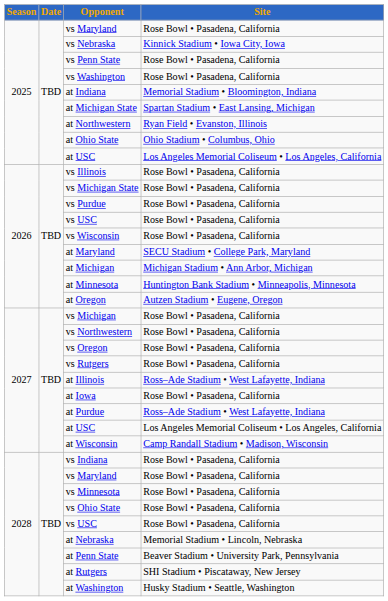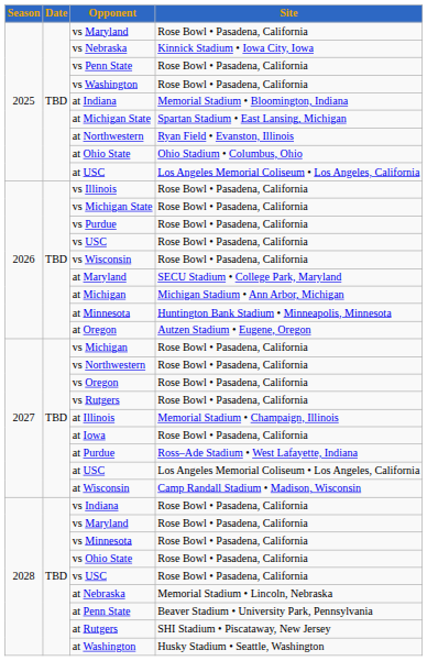 <table class="wikitable sortable">
 <tr>
 <th style="background:#2D68C4; color:#F2A900;">Season</th>
 <th style="background:#2D68C4; color:#F2A900;">Date</th>
 <th style="background:#2D68C4; color:#F2A900;">Opponent</th>
 <th style="background:#2D68C4; color:#F2A900;">Site</th>
 </tr>
 <tr>
 <td rowspan="9" style="text-align:center;">2025</td>
 <td rowspan="9">TBD</td>
 <td>vs <a href='#'>Maryland</a></td>
 <td>Rose Bowl • Pasadena, California</td>
 </tr>
 <tr>
 <td>vs <a href='#'>Nebraska</a></td>
 <td><a href='#'>Kinnick Stadium</a> • <a href='#'>Iowa City, Iowa</a></td>
 </tr>
 <tr>
 <td>vs <a href='#'>Penn State</a></td>
 <td>Rose Bowl • Pasadena, California</td>
 </tr>
 <tr>
 <td>vs <a href='#'>Washington</a></td>
 <td>Rose Bowl • Pasadena, California</td>
 </tr>
 <tr>
 <td>at <a href='#'>Indiana</a></td>
 <td><a href='#'>Memorial Stadium</a> • <a href='#'>Bloomington, Indiana</a></td>
 </tr>
 <tr>
 <td>at <a href='#'>Michigan State</a></td>
 <td><a href='#'>Spartan Stadium</a> • <a href='#'>East Lansing, Michigan</a></td>
 </tr>
 <tr>
 <td>at <a href='#'>Northwestern</a></td>
 <td><a href='#'>Ryan Field</a> • <a href='#'>Evanston, Illinois</a></td>
 </tr>
 <tr>
 <td>at <a href='#'>Ohio State</a></td>
 <td><a href='#'>Ohio Stadium</a> • <a href='#'>Columbus, Ohio</a></td>
 </tr>
 <tr>
 <td>at <a href='#'>USC</a></td>
 <td><a href='#'>Los Angeles Memorial Coliseum</a> • <a href='#'>Los Angeles, California</a></td>
 </tr>
 <tr>
 <td rowspan="9" style="text-align:center;">2026</td>
 <td rowspan="9">TBD</td>
 <td>vs <a href='#'>Illinois</a></td>
 <td>Rose Bowl • Pasadena, California</td>
 </tr>
 <tr>
 <td>vs <a href='#'>Michigan State</a></td>
 <td>Rose Bowl • Pasadena, California</td>
 </tr>
 <tr>
 <td>vs <a href='#'>Purdue</a></td>
 <td>Rose Bowl • Pasadena, California</td>
 </tr>
 <tr>
 <td>vs <a href='#'>USC</a></td>
 <td>Rose Bowl • Pasadena, California</td>
 </tr>
 <tr>
 <td>vs <a href='#'>Wisconsin</a></td>
 <td>Rose Bowl • Pasadena, California</td>
 </tr>
 <tr>
 <td>at <a href='#'>Maryland</a></td>
 <td><a href='#'>SECU Stadium</a> • <a href='#'>College Park, Maryland</a></td>
 </tr>
 <tr>
 <td>at <a href='#'>Michigan</a></td>
 <td><a href='#'>Michigan Stadium</a> • <a href='#'>Ann Arbor, Michigan</a></td>
 </tr>
 <tr>
 <td>at <a href='#'>Minnesota</a></td>
 <td><a href='#'>Huntington Bank Stadium</a> • <a href='#'>Minneapolis, Minnesota</a></td>
 </tr>
 <tr>
 <td>at <a href='#'>Oregon</a></td>
 <td><a href='#'>Autzen Stadium</a> • <a href='#'>Eugene, Oregon</a></td>
 </tr>
 <tr>
 <td rowspan="9" style="text-align:center;">2027</td>
 <td rowspan="9">TBD</td>
 <td>vs <a href='#'>Michigan</a></td>
 <td>Rose Bowl • Pasadena, California</td>
 </tr>
 <tr>
 <td>vs <a href='#'>Northwestern</a></td>
 <td>Rose Bowl • Pasadena, California</td>
 </tr>
 <tr>
 <td>vs <a href='#'>Oregon</a></td>
 <td>Rose Bowl • Pasadena, California</td>
 </tr>
 <tr>
 <td>vs <a href='#'>Rutgers</a></td>
 <td>Rose Bowl • Pasadena, California</td>
 </tr>
 <tr>
 <td>at <a href='#'>Illinois</a></td>
-<td><a href='#'>Ross–Ade Stadium</a> • <a href='#'>West Lafayette, Indiana</a></td>
+<td><a href='#'>Memorial Stadium</a> • <a href='#'>Champaign, Illinois</a></td>
 </tr>
 <tr>
 <td>at <a href='#'>Iowa</a></td>
 <td>Rose Bowl • Pasadena, California</td>
 </tr>
 <tr>
 <td>at <a href='#'>Purdue</a></td>
 <td><a href='#'>Ross–Ade Stadium</a> • <a href='#'>West Lafayette, Indiana</a></td>
 </tr>
 <tr>
 <td>at <a href='#'>USC</a></td>
 <td>Los Angeles Memorial Coliseum • Los Angeles, California</td>
 </tr>
 <tr>
 <td>at <a href='#'>Wisconsin</a></td>
 <td><a href='#'>Camp Randall Stadium</a> • <a href='#'>Madison, Wisconsin</a></td>
 </tr>
 <tr>
 <td rowspan="9" style="text-align:center;">2028</td>
 <td rowspan="9">TBD</td>
 <td>vs <a href='#'>Indiana</a></td>
 <td>Rose Bowl • Pasadena, California</td>
 </tr>
 <tr>
 <td>vs <a href='#'>Maryland</a></td>
 <td>Rose Bowl • Pasadena, California</td>
 </tr>
 <tr>
 <td>vs <a href='#'>Minnesota</a></td>
 <td>Rose Bowl • Pasadena, California</td>
 </tr>
 <tr>
 <td>vs <a href='#'>Ohio State</a></td>
 <td>Rose Bowl • Pasadena, California</td>
 </tr>
 <tr>
 <td>vs <a href='#'>USC</a></td>
 <td>Rose Bowl • Pasadena, California</td>
 </tr>
 <tr>
 <td>at <a href='#'>Nebraska</a></td>
 <td>Memorial Stadium • Lincoln, Nebraska</td>
 </tr>
 <tr>
 <td>at <a href='#'>Penn State</a></td>
 <td>Beaver Stadium • University Park, Pennsylvania</td>
 </tr>
 <tr>
 <td>at <a href='#'>Rutgers</a></td>
 <td>SHI Stadium • Piscataway, New Jersey</td>
 </tr>
 <tr>
 <td>at <a href='#'>Washington</a></td>
 <td>Husky Stadium • Seattle, Washington</td>
 </tr>
 </table>
